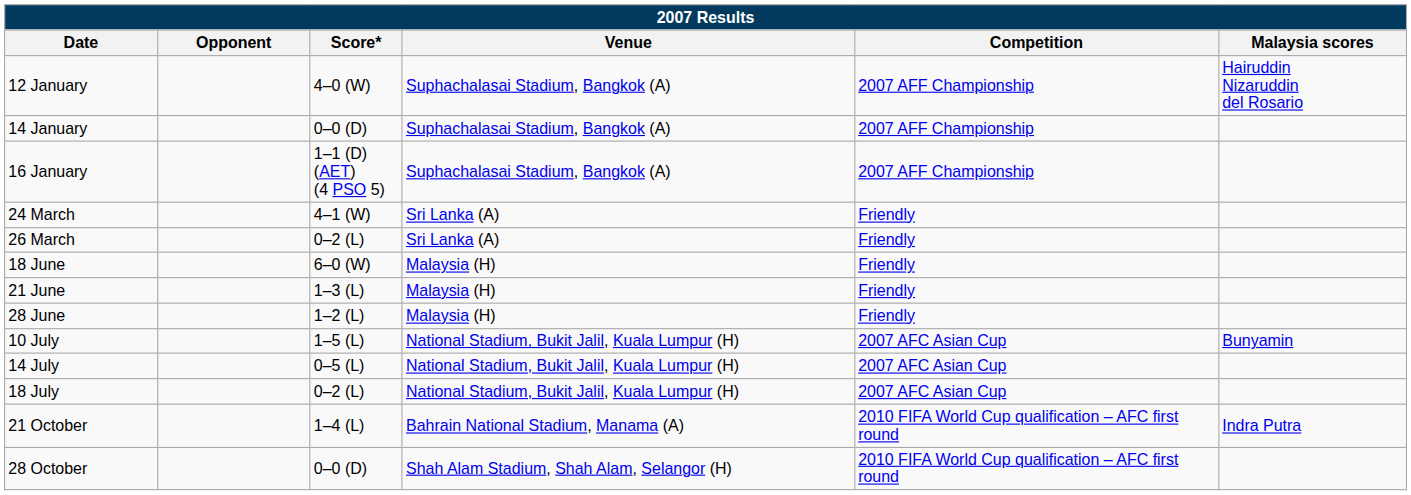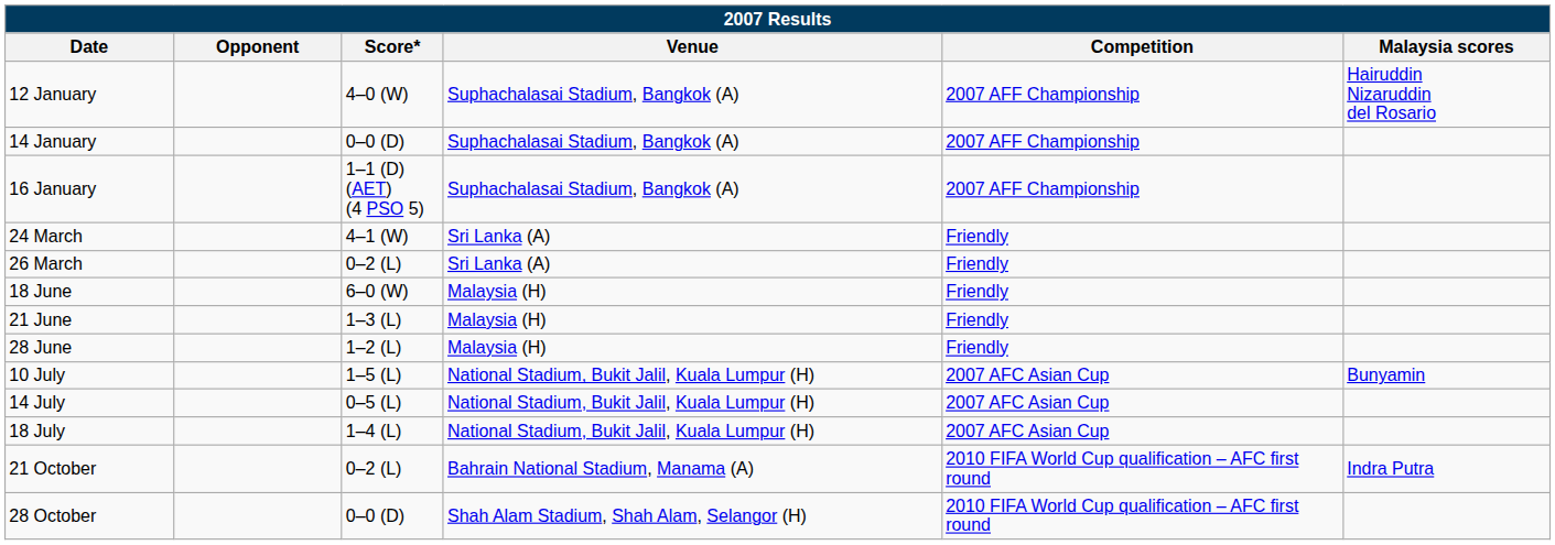 <table class="wikitable" width=100% style="text-align:left;font-size:90%;">
 <tr>
 <th colspan=9 style="background: #013A5E; color: #FFFFFF;">2007 Results</th>
 </tr>
 <tr>
 <th width=80>Date</th>
 <th width=80>Opponent</th>
 <th width=20>Score*</th>
 <th width=250>Venue</th>
 <th width=200>Competition</th>
 <th width=100>Malaysia scores</th>
 </tr>
 <tr>
 <td>12 January</td>
 <td></td>
 <td>4–0 (W)</td>
 <td><a href='#'>Suphachalasai Stadium</a>, <a href='#'>Bangkok</a> (A)</td>
 <td><a href='#'>2007 AFF Championship</a></td>
 <td><a href='#'>Hairuddin</a> <br><a href='#'>Nizaruddin</a> <br><a href='#'>del Rosario</a> </td>
 </tr>
 <tr>
 <td>14 January</td>
 <td></td>
 <td>0–0 (D)</td>
 <td><a href='#'>Suphachalasai Stadium</a>, <a href='#'>Bangkok</a> (A)</td>
 <td><a href='#'>2007 AFF Championship</a></td>
 <td></td>
 </tr>
 <tr>
 <td>16 January</td>
 <td></td>
 <td>1–1 (D) (<a href='#'>AET</a>)<br>(4 <a href='#'>PSO</a> 5)</td>
 <td><a href='#'>Suphachalasai Stadium</a>, <a href='#'>Bangkok</a> (A)</td>
 <td><a href='#'>2007 AFF Championship</a></td>
 <td></td>
 </tr>
 <tr>
 <td>24 March</td>
 <td></td>
 <td>4–1 (W)</td>
 <td><a href='#'>Sri Lanka</a> (A)</td>
 <td><a href='#'>Friendly</a></td>
 <td></td>
 </tr>
 <tr>
 <td>26 March</td>
 <td></td>
 <td>0–2 (L)</td>
 <td><a href='#'>Sri Lanka</a> (A)</td>
 <td><a href='#'>Friendly</a></td>
 <td></td>
 </tr>
 <tr>
 <td>18 June</td>
 <td></td>
 <td>6–0 (W)</td>
 <td><a href='#'>Malaysia</a> (H)</td>
 <td><a href='#'>Friendly</a></td>
 <td></td>
 </tr>
 <tr>
 <td>21 June</td>
 <td></td>
 <td>1–3 (L)</td>
 <td><a href='#'>Malaysia</a> (H)</td>
 <td><a href='#'>Friendly</a></td>
 <td></td>
 </tr>
 <tr>
 <td>28 June</td>
 <td></td>
 <td>1–2 (L)</td>
 <td><a href='#'>Malaysia</a> (H)</td>
 <td><a href='#'>Friendly</a></td>
 <td></td>
 </tr>
 <tr>
 <td>10 July</td>
 <td></td>
 <td>1–5 (L)</td>
 <td><a href='#'>National Stadium, Bukit Jalil</a>, <a href='#'>Kuala Lumpur</a> (H)</td>
 <td><a href='#'>2007 AFC Asian Cup</a></td>
 <td><a href='#'>Bunyamin</a> </td>
 </tr>
 <tr>
 <td>14 July</td>
 <td></td>
 <td>0–5 (L)</td>
 <td><a href='#'>National Stadium, Bukit Jalil</a>, <a href='#'>Kuala Lumpur</a> (H)</td>
 <td><a href='#'>2007 AFC Asian Cup</a></td>
 <td></td>
 </tr>
 <tr>
 <td>18 July</td>
 <td></td>
-<td>0–2 (L)</td>
+<td>1–4 (L)</td>
 <td><a href='#'>National Stadium, Bukit Jalil</a>, <a href='#'>Kuala Lumpur</a> (H)</td>
 <td><a href='#'>2007 AFC Asian Cup</a></td>
 <td></td>
 </tr>
 <tr>
 <td>21 October</td>
 <td></td>
-<td>1–4 (L)</td>
+<td>0–2 (L)</td>
 <td><a href='#'>Bahrain National Stadium</a>, <a href='#'>Manama</a> (A)</td>
 <td><a href='#'>2010 FIFA World Cup qualification – AFC first round</a></td>
 <td><a href='#'>Indra Putra</a> </td>
 </tr>
 <tr>
 <td>28 October</td>
 <td></td>
 <td>0–0 (D)</td>
 <td><a href='#'>Shah Alam Stadium</a>, <a href='#'>Shah Alam</a>, <a href='#'>Selangor</a> (H)</td>
 <td><a href='#'>2010 FIFA World Cup qualification – AFC first round</a></td>
 <td></td>
 </tr>
 </table>
